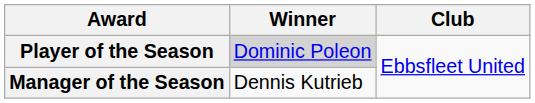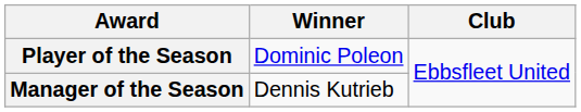 <table class="wikitable">
 <tr>
 <th>Award</th>
 <th>Winner</th>
 <th>Club</th>
 </tr>
 <tr>
 <th>Player of the Season</th>
-<td style="background: lightgrey;"> <a href='#'>Dominic Poleon</a></td>
+<td> <a href='#'>Dominic Poleon</a></td>
 <td rowspan="2"><a href='#'>Ebbsfleet United</a></td>
 </tr>
 <tr>
 <th>Manager of the Season</th>
 <td> Dennis Kutrieb</td>
 </tr>
 </table>
